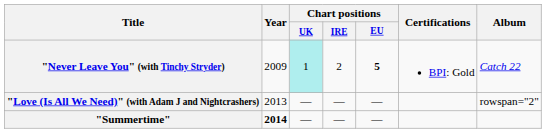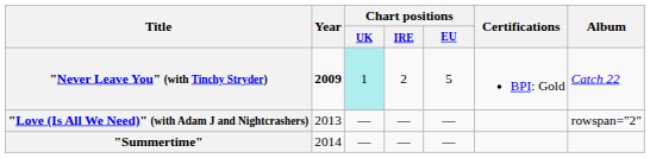 <table class="wikitable plainrowheaders">
 <tr>
 <th rowspan="2">Title</th>
 <th rowspan="2">Year</th>
 <th colspan="3">Chart positions</th>
 <th rowspan="2">Certifications</th>
 <th rowspan="2">Album</th>
 </tr>
 <tr>
 <th width=40><small> <a href='#'>UK</a></small><br></th>
 <th width=40><small> <a href='#'>IRE</a></small><br></th>
 <th style="width:4em;font-size:85%"><a href='#'>EU</a><br></th>
 </tr>
 <tr>
 <th scope="row">"<a href='#'>Never Leave You</a>" <small>(with <a href='#'>Tinchy Stryder</a>)</small></th>
-<td>2009</td>
+<td><strong>2009</strong></td>
 <td style="background: paleturquoise; text-align:center;">1</td>
 <td style="text-align:center;">2</td>
-<td style="text-align:center;"><strong>5</strong></td>
+<td style="text-align:center;">5</td>
 <td><br><ul><li><a href='#'>BPI</a>: Gold</li></ul></td>
 <td><em><a href='#'>Catch 22</a></em></td>
 </tr>
 <tr>
 <th scope="row">"<a href='#'>Love (Is All We Need)</a>" <small>(with Adam J and Nightcrashers)</small></th>
 <td>2013</td>
 <td style="text-align:center;">—</td>
 <td style="text-align:center;">—</td>
 <td style="text-align:center;">—</td>
 <td></td>
 <td>rowspan="2" </td>
 </tr>
 <tr>
 <th scope="row">"Summertime"</th>
-<td><strong>2014</strong></td>
+<td>2014</td>
 <td style="text-align:center;">—</td>
 <td style="text-align:center;">—</td>
 <td style="text-align:center;">—</td>
 <td></td>
 </tr>
 </table>
